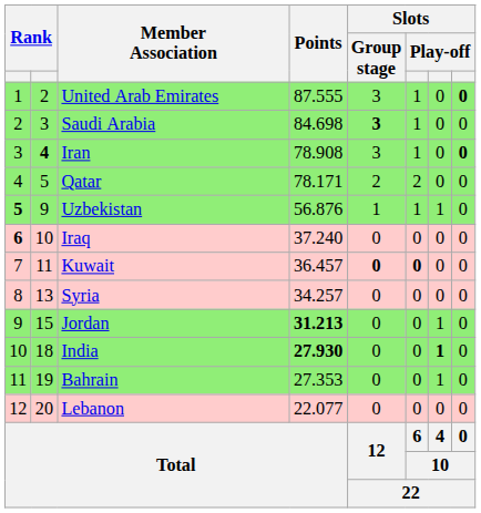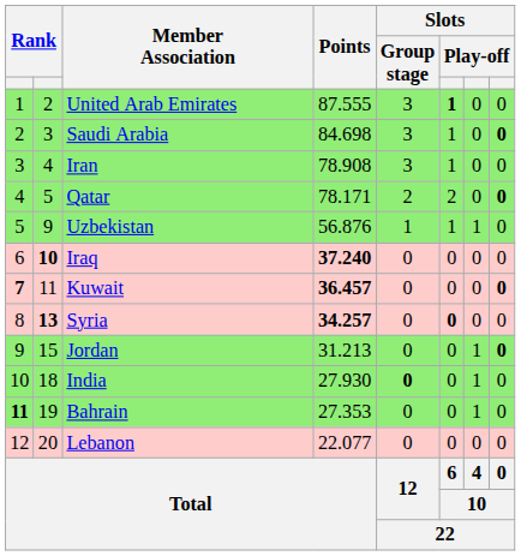 <table class="wikitable" style="text-align:center">
 <tr>
 </tr>
 <tr>
 <th colspan=2 rowspan=2><a href='#'>Rank</a></th>
 <th rowspan=3 width=200>Member<br>Association</th>
 <th rowspan=3>Points</th>
 <th colspan=4>Slots</th>
 </tr>
 <tr>
 <th rowspan=2>Group<br>stage</th>
 <th colspan=3>Play-off</th>
 </tr>
 <tr>
 <th></th>
 <th></th>
 <th></th>
 <th></th>
 <th></th>
 </tr>
 <tr bgcolor=#90ee77>
 <td>1</td>
 <td>2</td>
 <td align=left> <a href='#'>United Arab Emirates</a></td>
 <td>87.555</td>
 <td>3</td>
-<td>1</td>
+<td><strong>1</strong></td>
 <td>0</td>
-<td><strong>0</strong></td>
+<td>0</td>
 </tr>
 <tr bgcolor=#90ee77>
 <td>2</td>
 <td>3</td>
 <td align=left> <a href='#'>Saudi Arabia</a></td>
 <td>84.698</td>
-<td><strong>3</strong></td>
+<td>3</td>
 <td>1</td>
 <td>0</td>
-<td>0</td>
+<td><strong>0</strong></td>
 </tr>
 <tr bgcolor=#90ee77>
 <td>3</td>
-<td><strong>4</strong></td>
+<td>4</td>
 <td align=left> <a href='#'>Iran</a></td>
 <td>78.908</td>
 <td>3</td>
 <td>1</td>
 <td>0</td>
-<td><strong>0</strong></td>
+<td>0</td>
 </tr>
 <tr bgcolor=#90ee77>
 <td>4</td>
 <td>5</td>
 <td align=left> <a href='#'>Qatar</a></td>
 <td>78.171</td>
 <td>2</td>
 <td>2</td>
 <td>0</td>
-<td>0</td>
+<td><strong>0</strong></td>
 </tr>
 <tr bgcolor=#90ee77>
-<td><strong>5</strong></td>
+<td>5</td>
 <td>9</td>
 <td align=left> <a href='#'>Uzbekistan</a></td>
 <td>56.876</td>
 <td>1</td>
 <td>1</td>
 <td>1</td>
 <td>0</td>
 </tr>
 <tr bgcolor=#ffcccc>
-<td><strong>6</strong></td>
-<td>10</td>
+<td>6</td>
+<td><strong>10</strong></td>
 <td align=left> <a href='#'>Iraq</a></td>
-<td>37.240</td>
+<td><strong>37.240</strong></td>
 <td>0</td>
 <td>0</td>
 <td>0</td>
 <td>0</td>
 </tr>
 <tr bgcolor=#ffcccc>
-<td>7</td>
+<td><strong>7</strong></td>
 <td>11</td>
 <td align=left> <a href='#'>Kuwait</a></td>
-<td>36.457</td>
-<td><strong>0</strong></td>
-<td><strong>0</strong></td>
+<td><strong>36.457</strong></td>
 <td>0</td>
 <td>0</td>
+<td>0</td>
+<td><strong>0</strong></td>
 </tr>
 <tr bgcolor=#ffcccc>
 <td>8</td>
-<td>13</td>
+<td><strong>13</strong></td>
 <td align=left> <a href='#'>Syria</a></td>
-<td>34.257</td>
+<td><strong>34.257</strong></td>
 <td>0</td>
-<td>0</td>
+<td><strong>0</strong></td>
 <td>0</td>
 <td>0</td>
 </tr>
 <tr bgcolor=#90ee77>
 <td>9</td>
 <td>15</td>
 <td align=left> <a href='#'>Jordan</a></td>
-<td><strong>31.213</strong></td>
+<td>31.213</td>
 <td>0</td>
+<td>0</td>
+<td>1</td>
+<td><strong>0</strong></td>
+</tr>
+<tr bgcolor=#90ee77>
+<td>10</td>
+<td>18</td>
+<td align=left> <a href='#'>India</a></td>
+<td>27.930</td>
+<td><strong>0</strong></td>
 <td>0</td>
 <td>1</td>
 <td>0</td>
 </tr>
 <tr bgcolor=#90ee77>
-<td>10</td>
-<td>18</td>
-<td align=left> <a href='#'>India</a></td>
-<td><strong>27.930</strong></td>
-<td>0</td>
-<td>0</td>
-<td><strong>1</strong></td>
-<td>0</td>
-</tr>
-<tr bgcolor=#90ee77>
-<td>11</td>
+<td><strong>11</strong></td>
 <td>19</td>
 <td align=left> <a href='#'>Bahrain</a></td>
 <td>27.353</td>
 <td>0</td>
 <td>0</td>
 <td>1</td>
 <td>0</td>
 </tr>
 <tr bgcolor=#ffcccc>
 <td>12</td>
 <td>20</td>
 <td align=left> <a href='#'>Lebanon</a></td>
 <td>22.077</td>
 <td>0</td>
 <td>0</td>
 <td>0</td>
 <td>0</td>
 </tr>
 <tr>
 <th colspan=4 rowspan=3>Total</th>
 <th rowspan=2>12</th>
 <th>6</th>
 <th>4</th>
 <th>0</th>
 </tr>
 <tr>
 <th colspan=3>10</th>
 </tr>
 <tr>
 <th colspan=4>22</th>
 </tr>
 </table>
